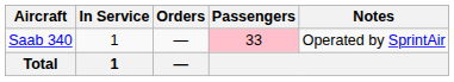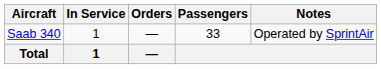 <table class="wikitable" style="border-collapse:collapse">
 <tr>
 <th>Aircraft</th>
 <th>In Service</th>
 <th>Orders</th>
 <th>Passengers</th>
 <th>Notes</th>
 </tr>
 <tr>
 <td><a href='#'>Saab 340</a></td>
 <td align="center">1</td>
 <td align="center">—</td>
-<td align="center" style="background: pink;">33</td>
+<td align="center">33</td>
 <td>Operated by <a href='#'>SprintAir</a></td>
 </tr>
 <tr>
 <th>Total</th>
 <th>1</th>
 <th>—</th>
 <th colspan="2"></th>
 </tr>
 </table>
